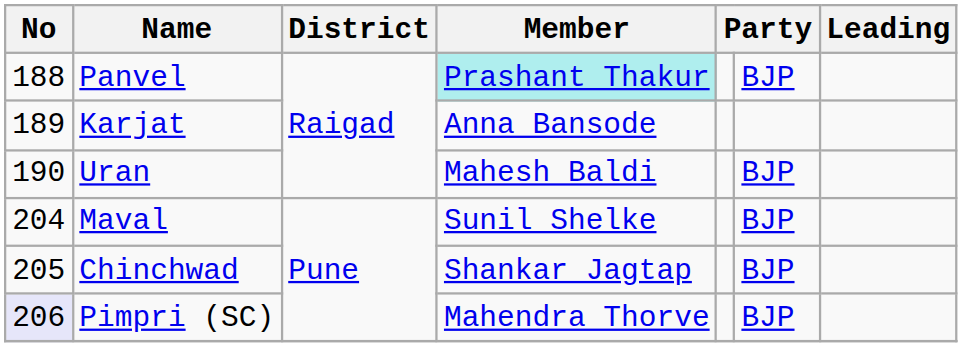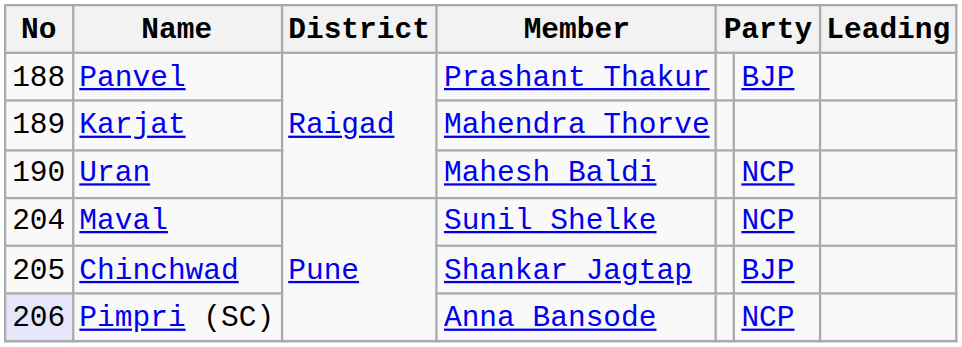 <table class="wikitable">
 <tr>
 <th>No</th>
 <th>Name</th>
 <th>District</th>
 <th>Member</th>
 <th colspan="2">Party</th>
 <th colspan=2>Leading<br></th>
 </tr>
 <tr>
 <td>188</td>
 <td><a href='#'>Panvel</a></td>
 <td rowspan="3"><a href='#'>Raigad</a></td>
-<td style="background: paleturquoise;"><a href='#'>Prashant Thakur</a></td>
+<td><a href='#'>Prashant Thakur</a></td>
 <td></td>
 <td><a href='#'>BJP</a></td>
 <td></td>
 </tr>
 <tr>
 <td>189</td>
 <td><a href='#'>Karjat</a></td>
-<td><a href='#'>Anna Bansode</a></td>
+<td><a href='#'>Mahendra Thorve</a></td>
 <td></td>
 <td></td>
 </tr>
 <tr>
 <td>190</td>
 <td><a href='#'>Uran</a></td>
 <td><a href='#'>Mahesh Baldi</a></td>
 <td></td>
-<td><a href='#'>BJP</a></td>
+<td><a href='#'>NCP</a></td>
 <td></td>
 </tr>
 <tr>
 <td>204</td>
 <td><a href='#'>Maval</a></td>
 <td rowspan="3"><a href='#'>Pune</a></td>
 <td><a href='#'>Sunil Shelke</a></td>
 <td></td>
-<td><a href='#'>BJP</a></td>
+<td><a href='#'>NCP</a></td>
 <td></td>
 </tr>
 <tr>
 <td>205</td>
 <td><a href='#'>Chinchwad</a></td>
 <td><a href='#'>Shankar Jagtap</a></td>
 <td></td>
 <td><a href='#'>BJP</a></td>
 <td></td>
 </tr>
 <tr>
 <td style="background: lavender;">206</td>
 <td><a href='#'>Pimpri</a> (SC)</td>
-<td><a href='#'>Mahendra Thorve</a></td>
+<td><a href='#'>Anna Bansode</a></td>
 <td></td>
-<td><a href='#'>BJP</a></td>
+<td><a href='#'>NCP</a></td>
 <td></td>
 </tr>
 <tr>
 </tr>
 </table>
